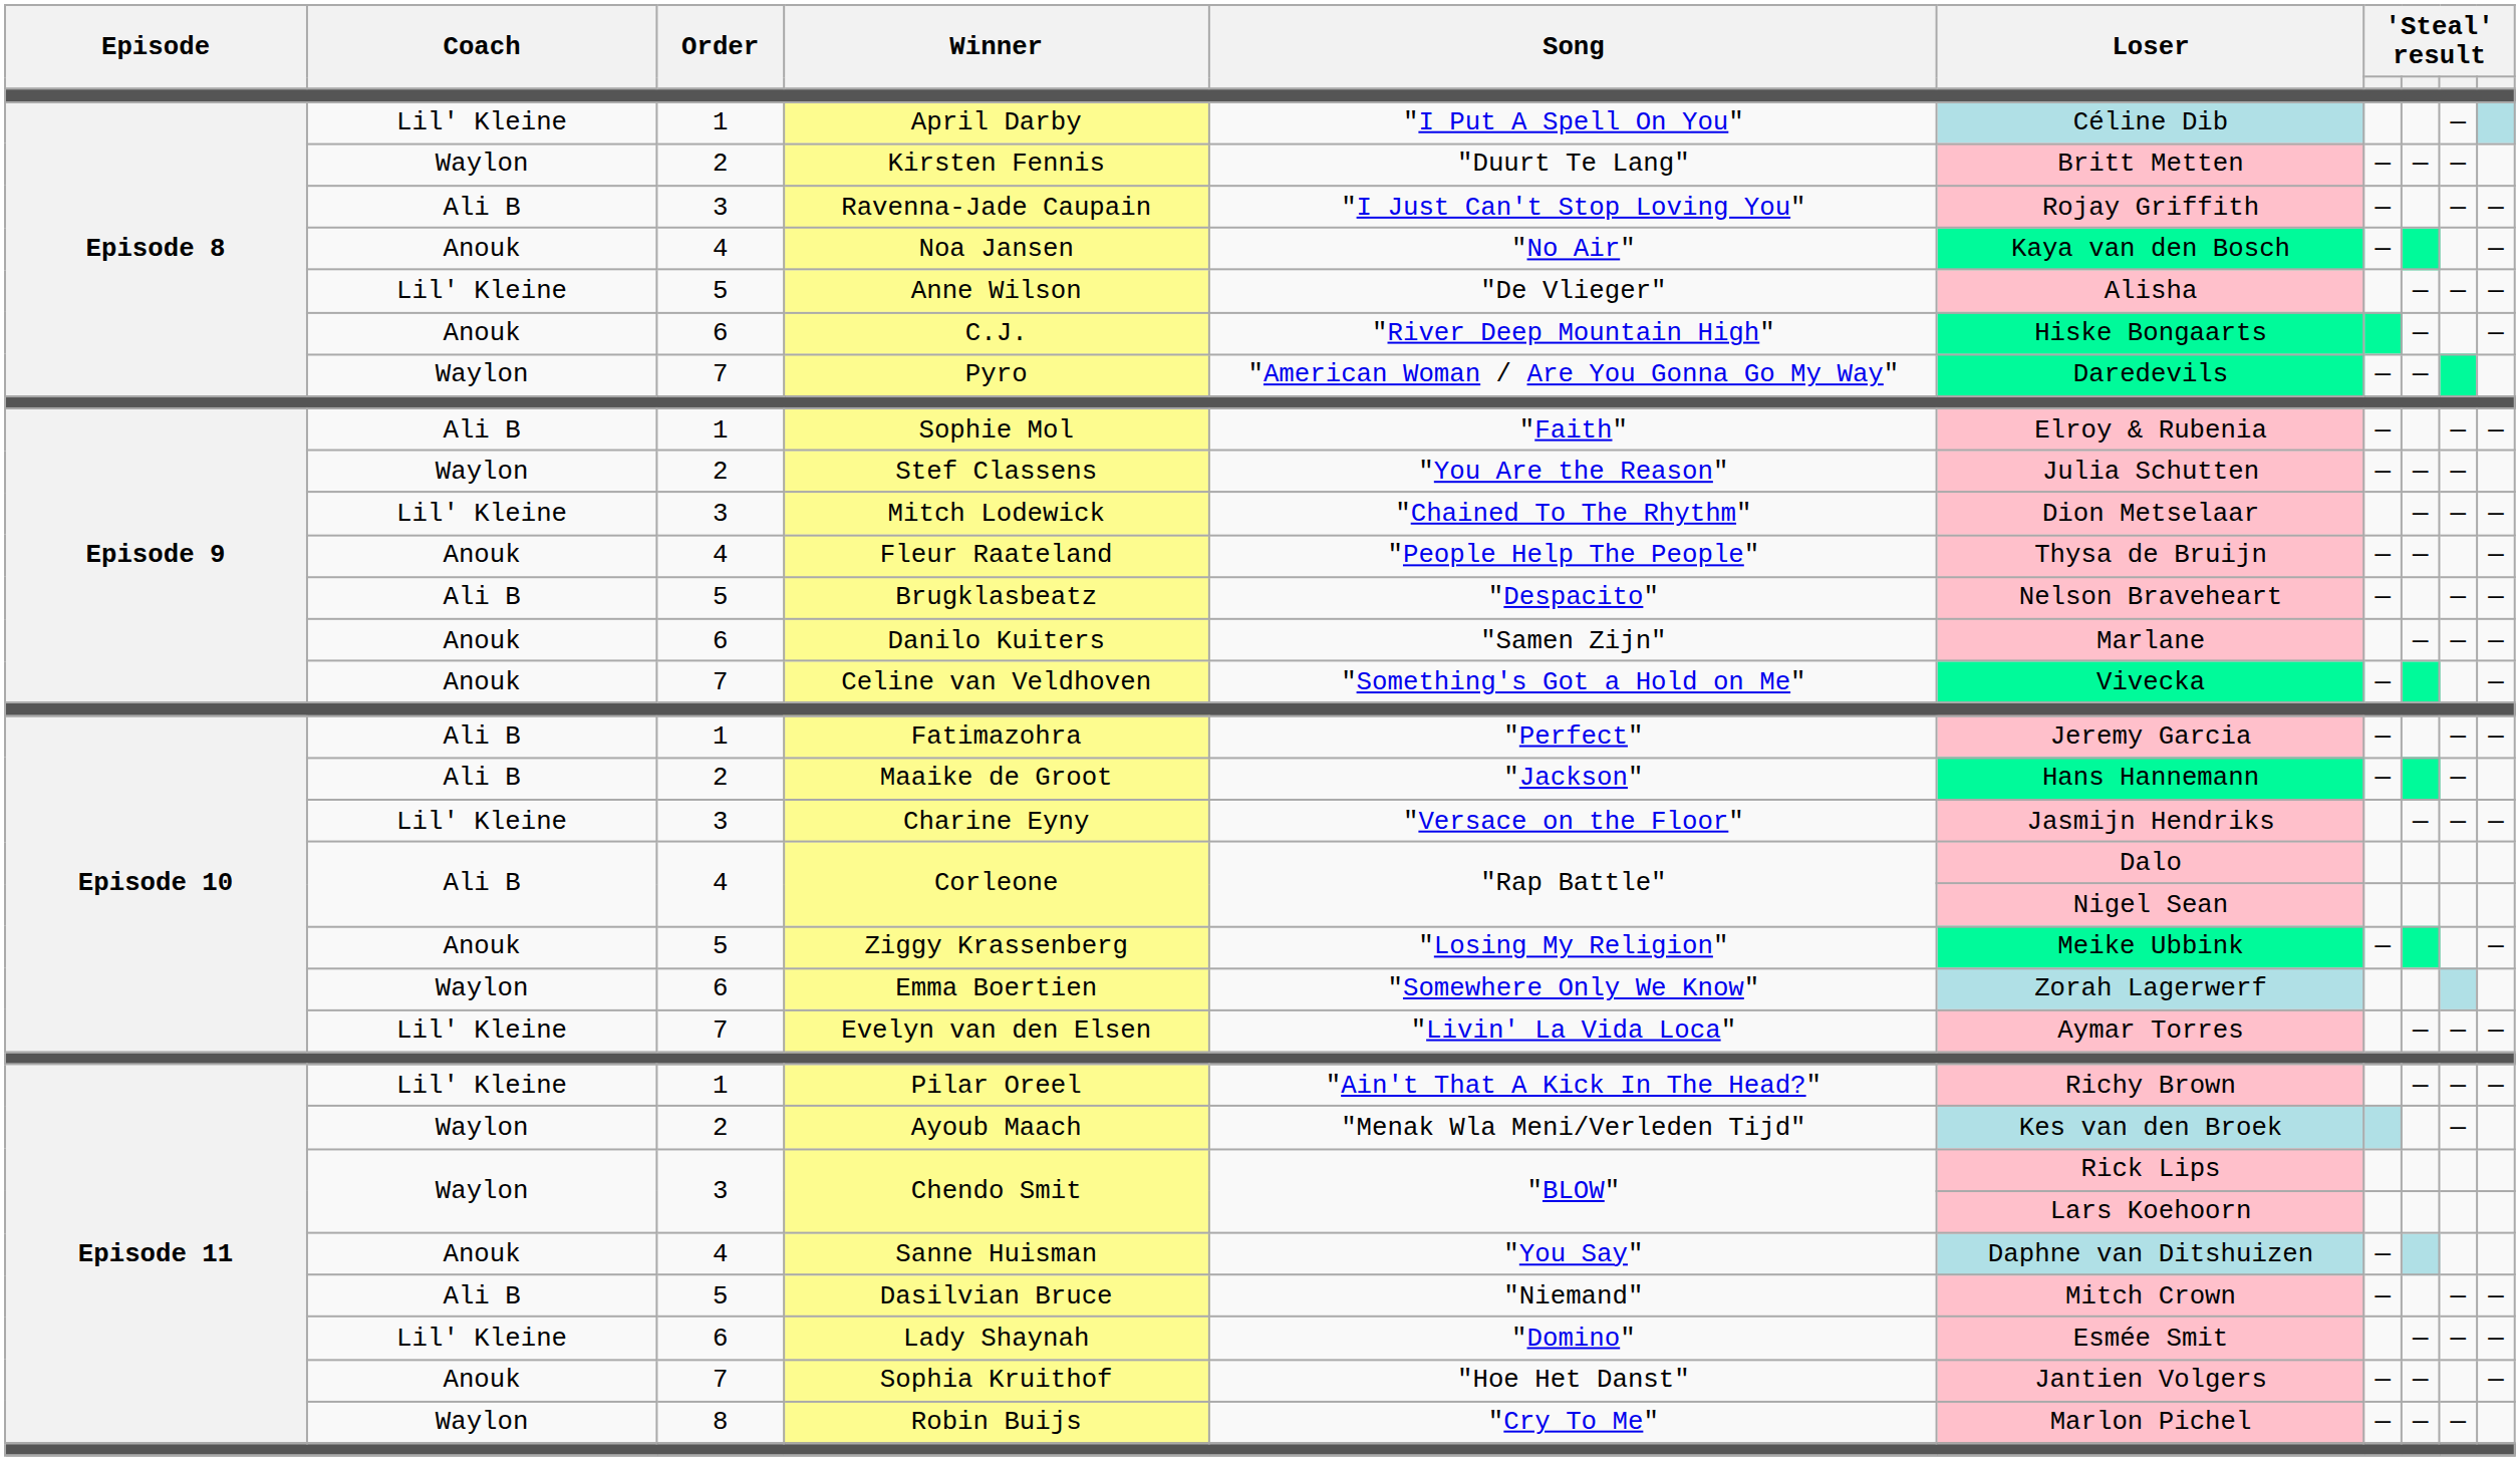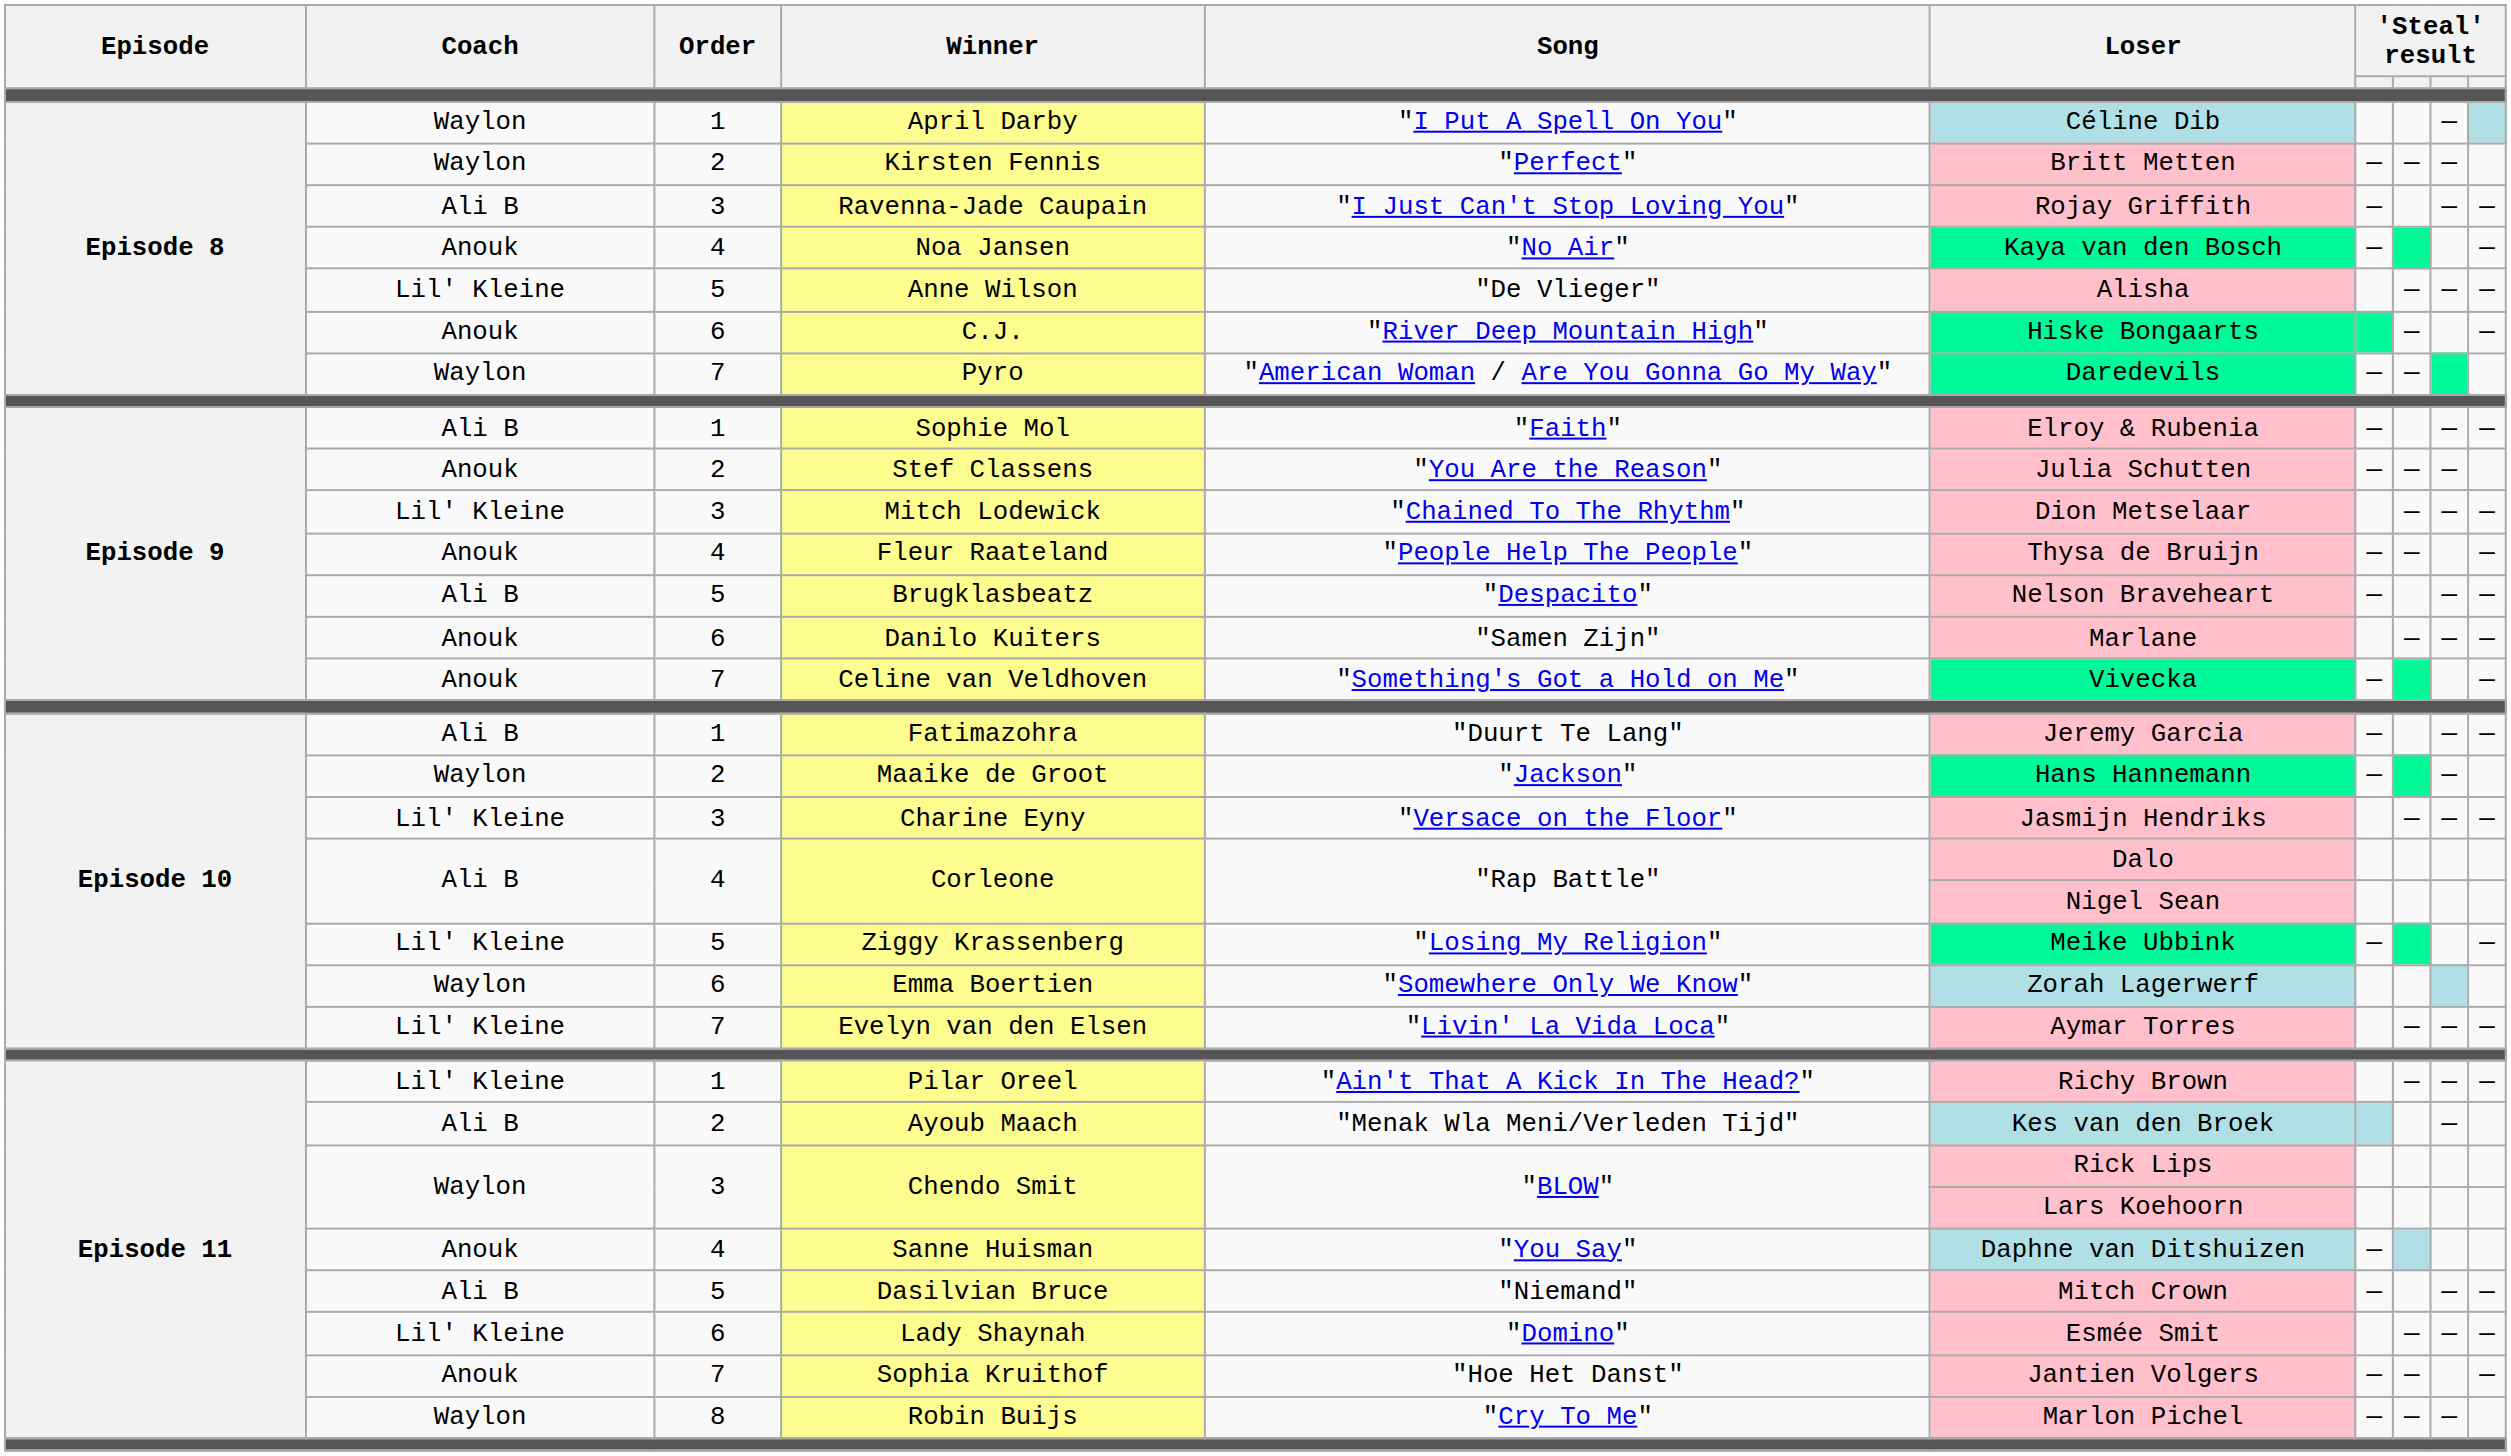 <table class="wikitable" style="text-align: center; width:100%;">
 <tr>
 <th rowspan="2" style="width:12%;">Episode</th>
 <th rowspan="2" style="width:14%;">Coach</th>
 <th rowspan="2" style="width:05%;">Order</th>
 <th rowspan="2" style="width:17%;">Winner</th>
 <th rowspan="2" style="width:29%;">Song</th>
 <th rowspan="2" style="width:17%;">Loser</th>
 <th colspan="4">'Steal' result</th>
 </tr>
 <tr>
 <th width="70"></th>
 <th width="70"></th>
 <th width="70"></th>
 <th width="70"></th>
 </tr>
 <tr>
 <td colspan="10" style="background:#555;"></td>
 </tr>
 <tr>
 <th rowspan="7">Episode 8<br><small></small></th>
-<td>Lil' Kleine</td>
+<td>Waylon</td>
 <td>1</td>
 <td style="background:#fdfc8f;">April Darby</td>
 <td>"<a href='#'>I Put A Spell On You</a>"</td>
 <td style="background-color:#B0E0E6;">Céline Dib</td>
 <td></td>
 <td><strong></strong></td>
 <td>—</td>
 <td style="background:#B0E0E6;"><strong></strong></td>
 </tr>
 <tr>
 <td>Waylon</td>
 <td>2</td>
 <td style="background:#fdfc8f;">Kirsten Fennis</td>
-<td>"Duurt Te Lang"</td>
+<td>"<a href='#'>Perfect</a>"</td>
 <td style="background-color:pink;">Britt Metten</td>
 <td>—</td>
 <td>—</td>
 <td>—</td>
 <td></td>
 </tr>
 <tr>
 <td>Ali B</td>
 <td>3</td>
 <td style="background:#fdfc8f;">Ravenna-Jade Caupain</td>
 <td>"<a href='#'>I Just Can't Stop Loving You</a>"</td>
 <td style="background-color:pink;">Rojay Griffith</td>
 <td>—</td>
 <td></td>
 <td>—</td>
 <td>—</td>
 </tr>
 <tr>
 <td>Anouk</td>
 <td>4</td>
 <td style="background:#fdfc8f;">Noa Jansen</td>
 <td>"<a href='#'>No Air</a>"</td>
 <td style="background-color:#00fa9a;">Kaya van den Bosch</td>
 <td>—</td>
 <td style="background:#00fa9a;"><strong></strong></td>
 <td></td>
 <td>—</td>
 </tr>
 <tr>
 <td>Lil' Kleine</td>
 <td>5</td>
 <td style="background:#fdfc8f;">Anne Wilson</td>
 <td>"De Vlieger"</td>
 <td style="background-color:pink;">Alisha</td>
 <td></td>
 <td>—</td>
 <td>—</td>
 <td>—</td>
 </tr>
 <tr>
 <td>Anouk</td>
 <td>6</td>
 <td style="background:#fdfc8f;">C.J.</td>
 <td>"<a href='#'>River Deep Mountain High</a>"</td>
 <td style="background-color:#00fa9a;">Hiske Bongaarts</td>
 <td style="background:#00fa9a;"><strong></strong></td>
 <td>—</td>
 <td></td>
 <td>—</td>
 </tr>
 <tr>
 <td>Waylon</td>
 <td>7</td>
 <td style="background:#fdfc8f;">Pyro</td>
 <td>"<a href='#'>American Woman</a> / <a href='#'>Are You Gonna Go My Way</a>"</td>
 <td style="background-color:#00fa9a;">Daredevils</td>
 <td>—</td>
 <td>—</td>
 <td style="background:#00fa9a;"><strong></strong></td>
 <td></td>
 </tr>
 <tr>
 <td colspan="10" style="background:#555555;"></td>
 </tr>
 <tr>
 <th rowspan="7">Episode 9<br><small></small></th>
 <td>Ali B</td>
 <td>1</td>
 <td style="background:#fdfc8f;">Sophie Mol</td>
 <td>"<a href='#'>Faith</a>"</td>
 <td style="background-color:pink;">Elroy & Rubenia</td>
 <td>—</td>
 <td></td>
 <td>—</td>
 <td>—</td>
 </tr>
 <tr>
-<td>Waylon</td>
+<td>Anouk</td>
 <td>2</td>
 <td style="background:#fdfc8f;">Stef Classens</td>
 <td>"<a href='#'>You Are the Reason</a>"</td>
 <td style="background-color:pink;">Julia Schutten</td>
 <td>—</td>
 <td>—</td>
 <td>—</td>
 <td></td>
 </tr>
 <tr>
 <td>Lil' Kleine</td>
 <td>3</td>
 <td style="background:#fdfc8f;">Mitch Lodewick</td>
 <td>"<a href='#'>Chained To The Rhythm</a>"</td>
 <td style="background-color:pink;">Dion Metselaar</td>
 <td></td>
 <td>—</td>
 <td>—</td>
 <td>—</td>
 </tr>
 <tr>
 <td>Anouk</td>
 <td>4</td>
 <td style="background:#fdfc8f;">Fleur Raateland</td>
 <td>"<a href='#'>People Help The People</a>"</td>
 <td style="background-color:pink;">Thysa de Bruijn</td>
 <td>—</td>
 <td>—</td>
 <td></td>
 <td>—</td>
 </tr>
 <tr>
 <td>Ali B</td>
 <td>5</td>
 <td style="background:#fdfc8f;">Brugklasbeatz</td>
 <td>"<a href='#'>Despacito</a>"</td>
 <td style="background-color:pink;">Nelson Braveheart</td>
 <td>—</td>
 <td></td>
 <td>—</td>
 <td>—</td>
 </tr>
 <tr>
 <td>Anouk</td>
 <td>6</td>
 <td style="background:#fdfc8f;">Danilo Kuiters</td>
 <td>"Samen Zijn"</td>
 <td style="background-color:pink;">Marlane</td>
 <td></td>
 <td>—</td>
 <td>—</td>
 <td>—</td>
 </tr>
 <tr>
 <td>Anouk</td>
 <td>7</td>
 <td style="background:#fdfc8f;">Celine van Veldhoven</td>
 <td>"<a href='#'>Something's Got a Hold on Me</a>"</td>
 <td style="background-color:#00fa9a;">Vivecka</td>
 <td>—</td>
 <td style="background-color:#00fa9a;"><strong></strong></td>
 <td></td>
 <td>—</td>
 </tr>
 <tr>
 <td colspan="10" style="background:#555555;"></td>
 </tr>
 <tr>
 <th rowspan="8">Episode 10<br><small></small></th>
 <td>Ali B</td>
 <td>1</td>
 <td style="background:#fdfc8f;">Fatimazohra</td>
-<td>"<a href='#'>Perfect</a>"</td>
+<td>"Duurt Te Lang"</td>
 <td style="background-color:pink;">Jeremy Garcia</td>
 <td>—</td>
 <td></td>
 <td>—</td>
 <td>—</td>
 </tr>
 <tr>
-<td>Ali B</td>
+<td>Waylon</td>
 <td>2</td>
 <td style="background:#fdfc8f;">Maaike de Groot</td>
 <td>"<a href='#'>Jackson</a>"</td>
 <td style="background-color:#00fa9a;">Hans Hannemann</td>
 <td>—</td>
 <td style="background-color:#00fa9a;"><strong></strong></td>
 <td>—</td>
 <td></td>
 </tr>
 <tr>
 <td>Lil' Kleine</td>
 <td>3</td>
 <td style="background:#fdfc8f;">Charine Eyny</td>
 <td>"<a href='#'>Versace on the Floor</a>"</td>
 <td style="background-color:pink;">Jasmijn Hendriks</td>
 <td></td>
 <td>—</td>
 <td>—</td>
 <td>—</td>
 </tr>
 <tr>
 <td rowspan="2">Ali B</td>
 <td rowspan="2">4</td>
 <td rowspan="2" style="background:#fdfc8f">Corleone</td>
 <td rowspan="2">"Rap Battle"</td>
 <td style="background-color:pink;">Dalo</td>
 <td></td>
 <td></td>
 <td></td>
 <td></td>
 </tr>
 <tr>
 <td style="background:pink;">Nigel Sean</td>
 <td></td>
 <td></td>
 <td></td>
 <td></td>
 </tr>
 <tr>
-<td>Anouk</td>
+<td>Lil' Kleine</td>
 <td>5</td>
 <td style="background:#fdfc8f">Ziggy Krassenberg</td>
 <td>"<a href='#'>Losing My Religion</a>"</td>
 <td style="background:#00fa9a;">Meike Ubbink</td>
 <td>—</td>
 <td style="background:#00fa9a;"><strong></strong></td>
 <td></td>
 <td>—</td>
 </tr>
 <tr>
 <td>Waylon</td>
 <td>6</td>
 <td style="background:#fdfc8f;">Emma Boertien</td>
 <td>"<a href='#'>Somewhere Only We Know</a>"</td>
 <td style="background:#B0E0E6;">Zorah Lagerwerf</td>
 <td><strong></strong></td>
 <td><strong></strong></td>
 <td style="background:#B0E0E6;"><strong></strong></td>
 <td></td>
 </tr>
 <tr>
 <td>Lil' Kleine</td>
 <td>7</td>
 <td style="background:#fdfc8f;">Evelyn van den Elsen</td>
 <td>"<a href='#'>Livin' La Vida Loca</a>"</td>
 <td style="background:pink;">Aymar Torres</td>
 <td></td>
 <td>—</td>
 <td>—</td>
 <td>—</td>
 </tr>
 <tr>
 <td colspan="10" style="background:#555555;"></td>
 </tr>
 <tr>
 <th rowspan="9">Episode 11<br><small></small></th>
 <td>Lil' Kleine</td>
 <td>1</td>
 <td style="background:#fdfc8f;">Pilar Oreel</td>
 <td>"<a href='#'>Ain't That A Kick In The Head?</a>"</td>
 <td style="background:pink;">Richy Brown</td>
 <td></td>
 <td>—</td>
 <td>—</td>
 <td>—</td>
 </tr>
 <tr>
-<td>Waylon</td>
+<td>Ali B</td>
 <td>2</td>
 <td style="background:#fdfc8f;">Ayoub Maach</td>
 <td>"Menak Wla Meni/Verleden Tijd"</td>
 <td style="background:#B0E0E6;">Kes van den Broek</td>
 <td style="background:#B0E0E6;"><strong></strong></td>
 <td></td>
 <td>—</td>
 <td><strong></strong></td>
 </tr>
 <tr>
 <td rowspan="2">Waylon</td>
 <td rowspan="2">3</td>
 <td rowspan="2" style="background:#fdfc8f">Chendo Smit</td>
 <td rowspan="2">"<a href='#'>BLOW</a>"</td>
 <td style="background-color:pink;">Rick Lips</td>
 <td></td>
 <td></td>
 <td></td>
 <td></td>
 </tr>
 <tr>
 <td style="background:pink;">Lars Koehoorn</td>
 <td></td>
 <td></td>
 <td></td>
 <td></td>
 </tr>
 <tr>
 <td>Anouk</td>
 <td>4</td>
 <td style="background:#fdfc8f;">Sanne Huisman</td>
 <td>"<a href='#'>You Say</a>"</td>
 <td style="background:#B0E0E6;">Daphne van Ditshuizen</td>
 <td>—</td>
 <td style="background:#B0E0E6;"><strong></strong></td>
 <td></td>
 <td><strong></strong></td>
 </tr>
 <tr>
 <td>Ali B</td>
 <td>5</td>
 <td style="background:#fdfc8f;">Dasilvian Bruce</td>
 <td>"Niemand"</td>
 <td style="background:pink;">Mitch Crown</td>
 <td>—</td>
 <td></td>
 <td>—</td>
 <td>—</td>
 </tr>
 <tr>
 <td>Lil' Kleine</td>
 <td>6</td>
 <td style="background:#fdfc8f;">Lady Shaynah</td>
 <td>"<a href='#'>Domino</a>"</td>
 <td style="background:pink;">Esmée Smit</td>
 <td></td>
 <td>—</td>
 <td>—</td>
 <td>—</td>
 </tr>
 <tr>
 <td>Anouk</td>
 <td>7</td>
 <td style="background:#fdfc8f;">Sophia Kruithof</td>
 <td>"Hoe Het Danst"</td>
 <td style="background:pink;">Jantien Volgers</td>
 <td>—</td>
 <td>—</td>
 <td></td>
 <td>—</td>
 </tr>
 <tr>
 <td>Waylon</td>
 <td>8</td>
 <td style="background:#fdfc8f;">Robin Buijs</td>
 <td>"<a href='#'>Cry To Me</a>"</td>
 <td style="background:pink;">Marlon Pichel</td>
 <td>—</td>
 <td>—</td>
 <td>—</td>
 <td></td>
 </tr>
 <tr>
 <td colspan="10" style="background:#555555;"></td>
 </tr>
 <tr>
 </tr>
 </table>
